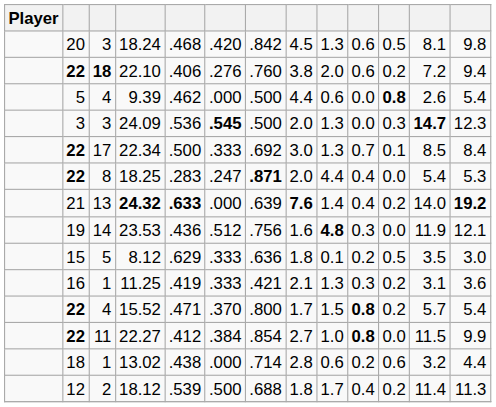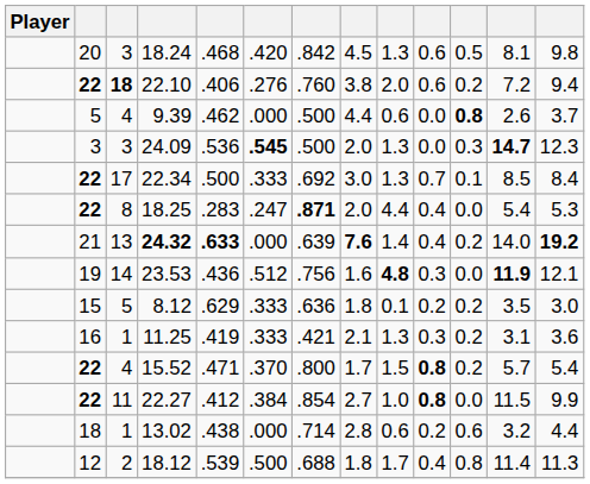 <table class="wikitable sortable" style="font-size:95%; text-align:right">
 <tr>
 <th>Player</th>
 <th></th>
 <th></th>
 <th></th>
 <th></th>
 <th></th>
 <th></th>
 <th></th>
 <th></th>
 <th></th>
 <th></th>
 <th></th>
 <th></th>
 </tr>
 <tr>
 <td><strong></strong></td>
 <td>20</td>
 <td>3</td>
 <td>18.24</td>
 <td>.468</td>
 <td>.420</td>
 <td>.842</td>
 <td>4.5</td>
 <td>1.3</td>
 <td>0.6</td>
 <td>0.5</td>
 <td>8.1</td>
 <td>9.8</td>
 </tr>
 <tr>
 <td><strong></strong></td>
 <td><strong>22</strong></td>
 <td><strong>18</strong></td>
 <td>22.10</td>
 <td>.406</td>
 <td>.276</td>
 <td>.760</td>
 <td>3.8</td>
 <td>2.0</td>
 <td>0.6</td>
 <td>0.2</td>
 <td>7.2</td>
 <td>9.4</td>
 </tr>
 <tr>
 <td><strong></strong></td>
 <td>5</td>
 <td>4</td>
 <td>9.39</td>
 <td>.462</td>
 <td>.000</td>
 <td>.500</td>
 <td>4.4</td>
 <td>0.6</td>
 <td>0.0</td>
 <td><strong>0.8</strong></td>
 <td>2.6</td>
-<td>5.4</td>
+<td>3.7</td>
 </tr>
 <tr>
 <td><strong></strong></td>
 <td>3</td>
 <td>3</td>
 <td>24.09</td>
 <td>.536</td>
 <td><strong>.545</strong></td>
 <td>.500</td>
 <td>2.0</td>
 <td>1.3</td>
 <td>0.0</td>
 <td>0.3</td>
 <td><strong>14.7</strong></td>
 <td>12.3</td>
 </tr>
 <tr>
 <td><strong></strong></td>
 <td><strong>22</strong></td>
 <td>17</td>
 <td>22.34</td>
 <td>.500</td>
 <td>.333</td>
 <td>.692</td>
 <td>3.0</td>
 <td>1.3</td>
 <td>0.7</td>
 <td>0.1</td>
 <td>8.5</td>
 <td>8.4</td>
 </tr>
 <tr>
 <td><strong></strong></td>
 <td><strong>22</strong></td>
 <td>8</td>
 <td>18.25</td>
 <td>.283</td>
 <td>.247</td>
 <td><strong>.871</strong></td>
 <td>2.0</td>
 <td>4.4</td>
 <td>0.4</td>
 <td>0.0</td>
 <td>5.4</td>
 <td>5.3</td>
 </tr>
 <tr>
 <td><strong></strong></td>
 <td>21</td>
 <td>13</td>
 <td><strong>24.32</strong></td>
 <td><strong>.633</strong></td>
 <td>.000</td>
 <td>.639</td>
 <td><strong>7.6</strong></td>
 <td>1.4</td>
 <td>0.4</td>
 <td>0.2</td>
 <td>14.0</td>
 <td><strong>19.2</strong></td>
 </tr>
 <tr>
 <td><strong></strong></td>
 <td>19</td>
 <td>14</td>
 <td>23.53</td>
 <td>.436</td>
 <td>.512</td>
 <td>.756</td>
 <td>1.6</td>
 <td><strong>4.8</strong></td>
 <td>0.3</td>
 <td>0.0</td>
-<td>11.9</td>
+<td><strong>11.9</strong></td>
 <td>12.1</td>
 </tr>
 <tr>
 <td><strong></strong></td>
 <td>15</td>
 <td>5</td>
 <td>8.12</td>
 <td>.629</td>
 <td>.333</td>
 <td>.636</td>
 <td>1.8</td>
 <td>0.1</td>
 <td>0.2</td>
-<td>0.5</td>
+<td>0.2</td>
 <td>3.5</td>
 <td>3.0</td>
 </tr>
 <tr>
 <td><strong></strong></td>
 <td>16</td>
 <td>1</td>
 <td>11.25</td>
 <td>.419</td>
 <td>.333</td>
 <td>.421</td>
 <td>2.1</td>
 <td>1.3</td>
 <td>0.3</td>
 <td>0.2</td>
 <td>3.1</td>
 <td>3.6</td>
 </tr>
 <tr>
 <td><strong></strong></td>
 <td><strong>22</strong></td>
 <td>4</td>
 <td>15.52</td>
 <td>.471</td>
 <td>.370</td>
 <td>.800</td>
 <td>1.7</td>
 <td>1.5</td>
 <td><strong>0.8</strong></td>
 <td>0.2</td>
 <td>5.7</td>
 <td>5.4</td>
 </tr>
 <tr>
 <td><strong></strong></td>
 <td><strong>22</strong></td>
 <td>11</td>
 <td>22.27</td>
 <td>.412</td>
 <td>.384</td>
 <td>.854</td>
 <td>2.7</td>
 <td>1.0</td>
 <td><strong>0.8</strong></td>
 <td>0.0</td>
 <td>11.5</td>
 <td>9.9</td>
 </tr>
 <tr>
 <td><strong></strong></td>
 <td>18</td>
 <td>1</td>
 <td>13.02</td>
 <td>.438</td>
 <td>.000</td>
 <td>.714</td>
 <td>2.8</td>
 <td>0.6</td>
 <td>0.2</td>
 <td>0.6</td>
 <td>3.2</td>
 <td>4.4</td>
 </tr>
 <tr>
 <td><strong></strong></td>
 <td>12</td>
 <td>2</td>
 <td>18.12</td>
 <td>.539</td>
 <td>.500</td>
 <td>.688</td>
 <td>1.8</td>
 <td>1.7</td>
 <td>0.4</td>
-<td>0.2</td>
+<td>0.8</td>
 <td>11.4</td>
 <td>11.3</td>
 </tr>
 <tr>
 </tr>
 </table>
